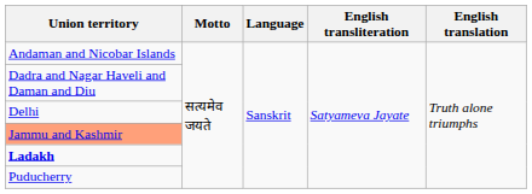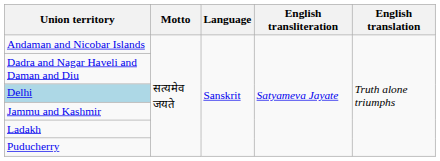 <table class="wikitable sortable">
 <tr>
 <th>Union territory</th>
 <th>Motto</th>
 <th>Language</th>
 <th>English transliteration</th>
 <th>English translation</th>
 </tr>
 <tr>
 <td> <a href='#'>Andaman and Nicobar Islands</a></td>
 <td rowspan="6">सत्यमेव जयते</td>
 <td rowspan="6"><a href='#'>Sanskrit</a></td>
 <td rowspan="6"><em><a href='#'>Satyameva Jayate</a></em></td>
 <td rowspan="6"><em>Truth alone triumphs</em></td>
 </tr>
 <tr>
 <td> <a href='#'>Dadra and Nagar Haveli and Daman and Diu</a></td>
 </tr>
 <tr>
-<td> <a href='#'>Delhi</a></td>
+<td style="background: lightblue;"> <a href='#'>Delhi</a></td>
 </tr>
 <tr>
-<td style="background: lightsalmon;"> <a href='#'>Jammu and Kashmir</a></td>
+<td> <a href='#'>Jammu and Kashmir</a></td>
 </tr>
 <tr>
-<td><strong> <a href='#'>Ladakh</a></strong></td>
+<td> <a href='#'>Ladakh</a></td>
 </tr>
 <tr>
 <td> <a href='#'>Puducherry</a></td>
 </tr>
 </table>
